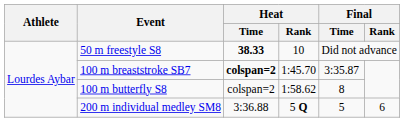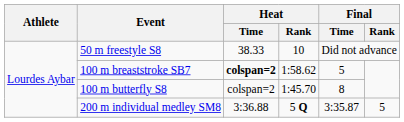 <table class=wikitable style=font-size:90%;text-align:center>
 <tr>
 <th rowspan=2>Athlete</th>
 <th rowspan=2>Event</th>
 <th colspan=2>Heat</th>
 <th colspan=2>Final</th>
 </tr>
 <tr style=font-size:95%>
 <th>Time</th>
 <th>Rank</th>
 <th>Time</th>
 <th>Rank</th>
 </tr>
 <tr align=center>
 <td align=left rowspan=4><a href='#'>Lourdes Aybar</a></td>
 <td align=left><a href='#'>50 m freestyle S8</a></td>
-<td><strong>38.33</strong></td>
+<td>38.33</td>
 <td>10</td>
 <td colspan=2>Did not advance</td>
 </tr>
 <tr align=center>
 <td align=left><a href='#'>100 m breaststroke SB7</a></td>
 <td><strong>colspan=2 </strong></td>
-<td>1:45.70</td>
-<td>3:35.87</td>
+<td>1:58.62</td>
+<td>5</td>
 </tr>
 <tr align=center>
 <td align=left><a href='#'>100 m butterfly S8</a></td>
 <td>colspan=2 </td>
-<td>1:58.62</td>
+<td>1:45.70</td>
 <td>8</td>
 </tr>
 <tr align=center>
 <td align=left><a href='#'>200 m individual medley SM8</a></td>
 <td>3:36.88</td>
 <td>5 <strong>Q</strong></td>
+<td>3:35.87</td>
 <td>5</td>
-<td>6</td>
 </tr>
 </table>
